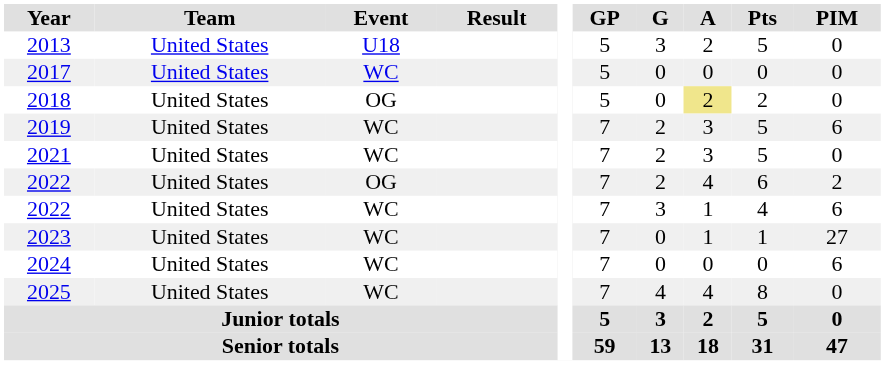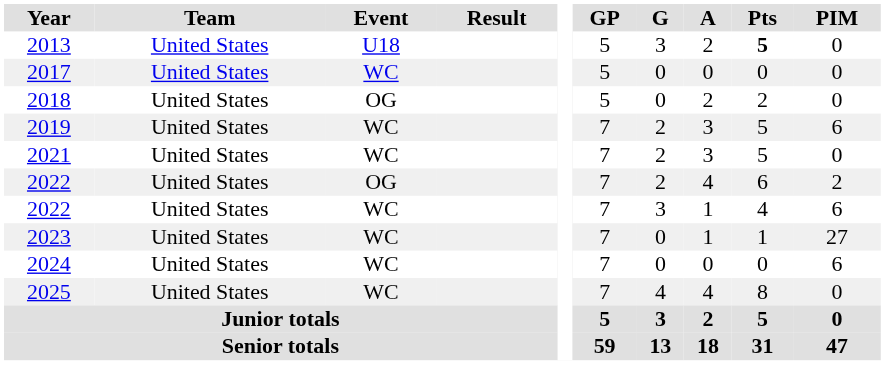 <table border="0" cellpadding="1" cellspacing="0" style="text-align:center; width:40em">
 <tr ALIGN="centre" bgcolor="#e0e0e0">
 <th>Year</th>
 <th>Team</th>
 <th>Event</th>
 <th>Result</th>
 <th rowspan="97" bgcolor="#ffffff"> </th>
 <th>GP</th>
 <th>G</th>
 <th>A</th>
 <th>Pts</th>
 <th>PIM</th>
 </tr>
 <tr>
 <td><a href='#'>2013</a></td>
 <td><a href='#'>United States</a></td>
 <td><a href='#'>U18</a></td>
 <td></td>
 <td>5</td>
 <td>3</td>
 <td>2</td>
-<td>5</td>
+<td><strong>5</strong></td>
 <td>0</td>
 </tr>
 <tr bgcolor="#f0f0f0">
 <td><a href='#'>2017</a></td>
 <td><a href='#'>United States</a></td>
 <td><a href='#'>WC</a></td>
 <td></td>
 <td>5</td>
 <td>0</td>
 <td>0</td>
 <td>0</td>
 <td>0</td>
 </tr>
 <tr>
 <td><a href='#'>2018</a></td>
 <td>United States</td>
 <td>OG</td>
 <td></td>
 <td>5</td>
 <td>0</td>
-<td style="background: khaki;">2</td>
+<td>2</td>
 <td>2</td>
 <td>0</td>
 </tr>
 <tr bgcolor="#f0f0f0">
 <td><a href='#'>2019</a></td>
 <td>United States</td>
 <td>WC</td>
 <td></td>
 <td>7</td>
 <td>2</td>
 <td>3</td>
 <td>5</td>
 <td>6</td>
 </tr>
 <tr>
 <td><a href='#'>2021</a></td>
 <td>United States</td>
 <td>WC</td>
 <td></td>
 <td>7</td>
 <td>2</td>
 <td>3</td>
 <td>5</td>
 <td>0</td>
 </tr>
 <tr bgcolor="#f0f0f0">
 <td><a href='#'>2022</a></td>
 <td>United States</td>
 <td>OG</td>
 <td></td>
 <td>7</td>
 <td>2</td>
 <td>4</td>
 <td>6</td>
 <td>2</td>
 </tr>
 <tr>
 <td><a href='#'>2022</a></td>
 <td>United States</td>
 <td>WC</td>
 <td></td>
 <td>7</td>
 <td>3</td>
 <td>1</td>
 <td>4</td>
 <td>6</td>
 </tr>
 <tr bgcolor="#f0f0f0">
 <td><a href='#'>2023</a></td>
 <td>United States</td>
 <td>WC</td>
 <td></td>
 <td>7</td>
 <td>0</td>
 <td>1</td>
 <td>1</td>
 <td>27</td>
 </tr>
 <tr>
 <td><a href='#'>2024</a></td>
 <td>United States</td>
 <td>WC</td>
 <td></td>
 <td>7</td>
 <td>0</td>
 <td>0</td>
 <td>0</td>
 <td>6</td>
 </tr>
 <tr bgcolor="#f0f0f0">
 <td><a href='#'>2025</a></td>
 <td>United States</td>
 <td>WC</td>
 <td></td>
 <td>7</td>
 <td>4</td>
 <td>4</td>
 <td>8</td>
 <td>0</td>
 </tr>
 <tr ALIGN="center" bgcolor="#e0e0e0">
 <th colspan=4>Junior totals</th>
 <th>5</th>
 <th>3</th>
 <th>2</th>
 <th>5</th>
 <th>0</th>
 </tr>
 <tr ALIGN="center" bgcolor="#e0e0e0">
 <th colspan=4>Senior totals</th>
 <th>59</th>
 <th>13</th>
 <th>18</th>
 <th>31</th>
 <th>47</th>
 </tr>
 </table>
